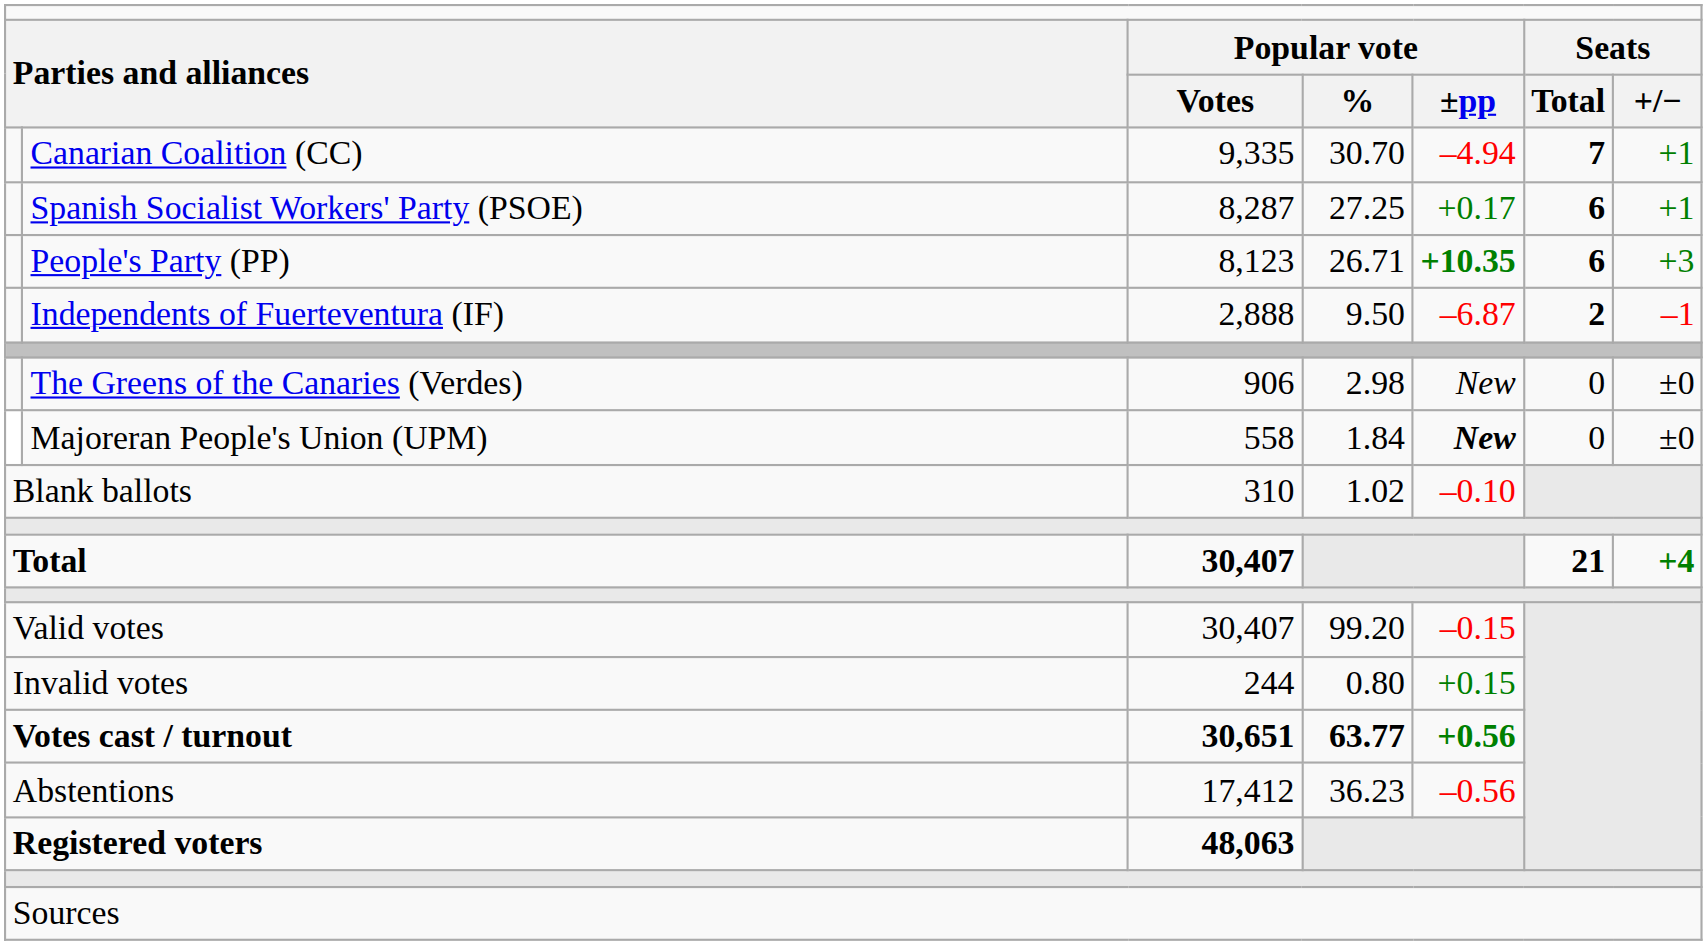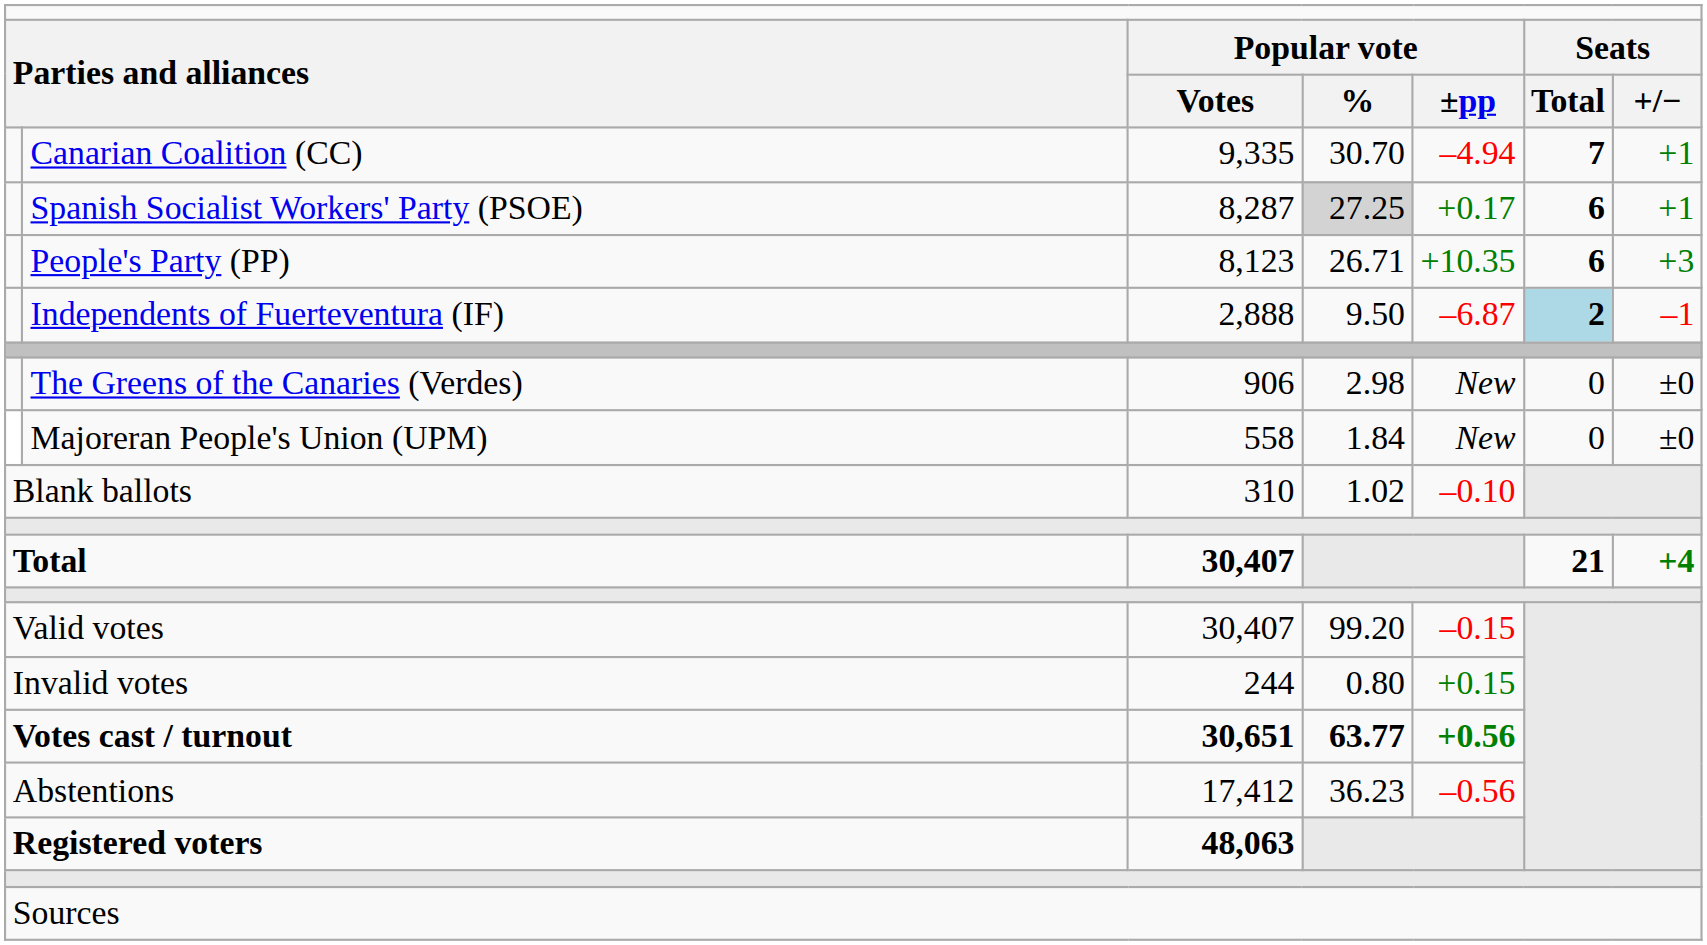 <table class="wikitable" style="text-align:right;">
 <tr>
 <td colspan="7"></td>
 </tr>
 <tr>
 <th style="text-align:left;" rowspan="2" colspan="2" width="525">Parties and alliances</th>
 <th colspan="3">Popular vote</th>
 <th colspan="2">Seats</th>
 </tr>
 <tr>
 <th width="75">Votes</th>
 <th width="45">%</th>
 <th width="45">±<a href='#'>pp</a></th>
 <th width="35">Total</th>
 <th width="35">+/−</th>
 </tr>
 <tr>
 <td width="1" style="color:inherit;background:"></td>
 <td align="left"><a href='#'>Canarian Coalition</a> (CC)</td>
 <td>9,335</td>
 <td>30.70</td>
 <td style="color:red;">–4.94</td>
 <td><strong>7</strong></td>
 <td style="color:green;">+1</td>
 </tr>
 <tr>
 <td style="color:inherit;background:"></td>
 <td align="left"><a href='#'>Spanish Socialist Workers' Party</a> (PSOE)</td>
 <td>8,287</td>
-<td>27.25</td>
+<td style="background: lightgrey;">27.25</td>
 <td style="color:green;">+0.17</td>
 <td><strong>6</strong></td>
 <td style="color:green;">+1</td>
 </tr>
 <tr>
 <td style="color:inherit;background:"></td>
 <td align="left"><a href='#'>People's Party</a> (PP)</td>
 <td>8,123</td>
 <td>26.71</td>
-<td style="color:green;"><strong>+10.35</strong></td>
+<td style="color:green;">+10.35</td>
 <td><strong>6</strong></td>
 <td style="color:green;">+3</td>
 </tr>
 <tr>
 <td style="color:inherit;background:"></td>
 <td align="left"><a href='#'>Independents of Fuerteventura</a> (IF)</td>
 <td>2,888</td>
 <td>9.50</td>
 <td style="color:red;">–6.87</td>
-<td><strong>2</strong></td>
+<td style="background: lightblue;"><strong>2</strong></td>
 <td style="color:red;">–1</td>
 </tr>
 <tr>
 <td colspan="7" bgcolor="#C0C0C0"></td>
 </tr>
 <tr>
 <td style="color:inherit;background:"></td>
 <td align="left"><a href='#'>The Greens of the Canaries</a> (Verdes)</td>
 <td>906</td>
 <td>2.98</td>
 <td><em>New</em></td>
 <td>0</td>
 <td>±0</td>
 </tr>
 <tr>
 <td bgcolor="white"></td>
 <td align="left">Majoreran People's Union (UPM)</td>
 <td>558</td>
 <td>1.84</td>
-<td><strong><em>New</em></strong></td>
+<td><em>New</em></td>
 <td>0</td>
 <td>±0</td>
 </tr>
 <tr>
 <td align="left" colspan="2">Blank ballots</td>
 <td>310</td>
 <td>1.02</td>
 <td style="color:red;">–0.10</td>
 <td bgcolor="#E9E9E9" colspan="2"></td>
 </tr>
 <tr>
 <td colspan="7" bgcolor="#E9E9E9"></td>
 </tr>
 <tr style="font-weight:bold;">
 <td align="left" colspan="2">Total</td>
 <td>30,407</td>
 <td bgcolor="#E9E9E9" colspan="2"></td>
 <td>21</td>
 <td style="color:green;">+4</td>
 </tr>
 <tr>
 <td colspan="7" bgcolor="#E9E9E9"></td>
 </tr>
 <tr>
 <td align="left" colspan="2">Valid votes</td>
 <td>30,407</td>
 <td>99.20</td>
 <td style="color:red;">–0.15</td>
 <td bgcolor="#E9E9E9" colspan="2" rowspan="5"></td>
 </tr>
 <tr>
 <td align="left" colspan="2">Invalid votes</td>
 <td>244</td>
 <td>0.80</td>
 <td style="color:green;">+0.15</td>
 </tr>
 <tr style="font-weight:bold;">
 <td align="left" colspan="2">Votes cast / turnout</td>
 <td>30,651</td>
 <td>63.77</td>
 <td style="color:green;">+0.56</td>
 </tr>
 <tr>
 <td align="left" colspan="2">Abstentions</td>
 <td>17,412</td>
 <td>36.23</td>
 <td style="color:red;">–0.56</td>
 </tr>
 <tr style="font-weight:bold;">
 <td align="left" colspan="2">Registered voters</td>
 <td>48,063</td>
 <td bgcolor="#E9E9E9" colspan="2"></td>
 </tr>
 <tr>
 <td colspan="7" bgcolor="#E9E9E9"></td>
 </tr>
 <tr>
 <td align="left" colspan="7">Sources</td>
 </tr>
 </table>
